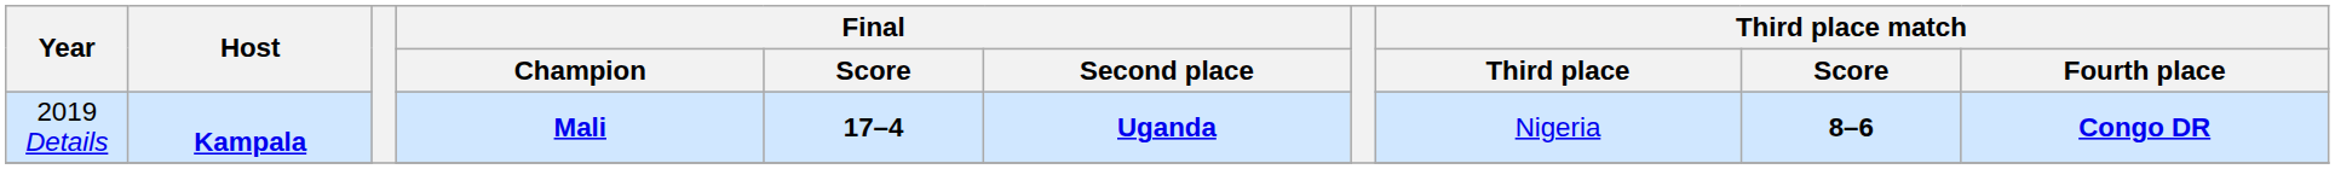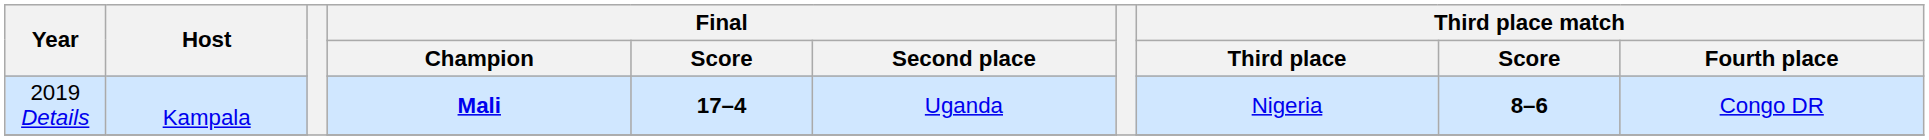 <table class="wikitable" style="font-size:90%; width: 98%; text-align: center;">
 <tr>
 <th rowspan="2" width="5%">Year</th>
 <th rowspan="2" width="10%">Host</th>
 <th rowspan="5" width="1%" bgcolor="ffffff"></th>
 <th colspan="3">Final</th>
 <th rowspan="5" width="1%" bgcolor="ffffff"></th>
 <th colspan="3">Third place match</th>
 </tr>
 <tr bgcolor="#EFEFEF">
 <th width="15%">Champion</th>
 <th width="9%">Score</th>
 <th width="15%">Second place</th>
 <th width="15%">Third place</th>
 <th width="9%">Score</th>
 <th width="15%">Fourth place</th>
 </tr>
 <tr bgcolor="#D0E7FF">
 <td>2019<br><em><a href='#'>Details</a></em></td>
-<td><strong><br><a href='#'>Kampala</a></strong></td>
+<td><br><a href='#'>Kampala</a></td>
 <td><strong> <a href='#'>Mali</a></strong></td>
 <td><strong>17–4</strong></td>
-<td><strong> <a href='#'>Uganda</a></strong></td>
+<td> <a href='#'>Uganda</a></td>
 <td> <a href='#'>Nigeria</a></td>
 <td><strong>8–6</strong></td>
-<td><strong> <a href='#'>Congo DR</a></strong></td>
+<td> <a href='#'>Congo DR</a></td>
 </tr>
 <tr>
 </tr>
 </table>
